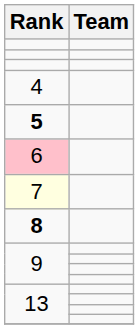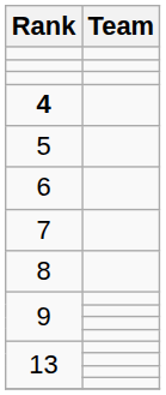 <table class="wikitable">
 <tr>
 <th>Rank</th>
 <th>Team</th>
 </tr>
 <tr>
 <td align=center></td>
 <td></td>
 </tr>
 <tr>
 <td align=center></td>
 <td></td>
 </tr>
 <tr>
 <td align=center></td>
 <td></td>
 </tr>
 <tr>
-<td align=center>4</td>
+<td align=center><strong>4</strong></td>
 <td></td>
 </tr>
 <tr>
-<td align=center><strong>5</strong></td>
+<td align=center>5</td>
 <td></td>
 </tr>
 <tr>
-<td align=center style="background: pink;">6</td>
+<td align=center>6</td>
 <td></td>
 </tr>
 <tr>
-<td align=center style="background: lightyellow;">7</td>
+<td align=center>7</td>
 <td></td>
 </tr>
 <tr>
-<td align=center><strong>8</strong></td>
+<td align=center>8</td>
 <td></td>
 </tr>
 <tr>
 <td rowspan=4 align=center>9</td>
 <td></td>
 </tr>
 <tr>
 <td></td>
 </tr>
 <tr>
 <td></td>
 </tr>
 <tr>
 <td></td>
 </tr>
 <tr>
 <td rowspan=4 align=center>13</td>
 <td></td>
 </tr>
 <tr>
 <td></td>
 </tr>
 <tr>
 <td></td>
 </tr>
 <tr>
 <td></td>
 </tr>
 <tr>
 </tr>
 </table>
